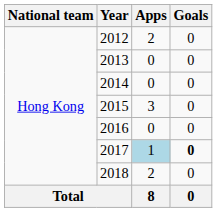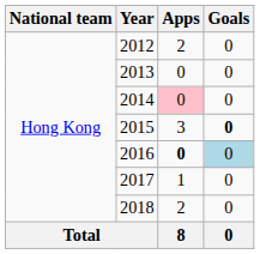 <table class="wikitable" style="text-align:center">
 <tr>
 <th>National team</th>
 <th>Year</th>
 <th>Apps</th>
 <th>Goals</th>
 </tr>
 <tr>
 <td rowspan="7"><a href='#'>Hong Kong</a></td>
 <td>2012</td>
 <td>2</td>
 <td>0</td>
 </tr>
 <tr>
 <td>2013</td>
 <td>0</td>
 <td>0</td>
 </tr>
 <tr>
 <td>2014</td>
-<td>0</td>
+<td style="background: pink;">0</td>
 <td>0</td>
 </tr>
 <tr>
 <td>2015</td>
 <td>3</td>
-<td>0</td>
+<td><strong>0</strong></td>
 </tr>
 <tr>
 <td>2016</td>
-<td>0</td>
-<td>0</td>
+<td><strong>0</strong></td>
+<td style="background: lightblue;">0</td>
 </tr>
 <tr>
 <td>2017</td>
-<td style="background: lightblue;">1</td>
-<td><strong>0</strong></td>
+<td>1</td>
+<td>0</td>
 </tr>
 <tr>
 <td>2018</td>
 <td>2</td>
 <td>0</td>
 </tr>
 <tr>
 <th colspan=2>Total</th>
 <th>8</th>
 <th>0</th>
 </tr>
 </table>
